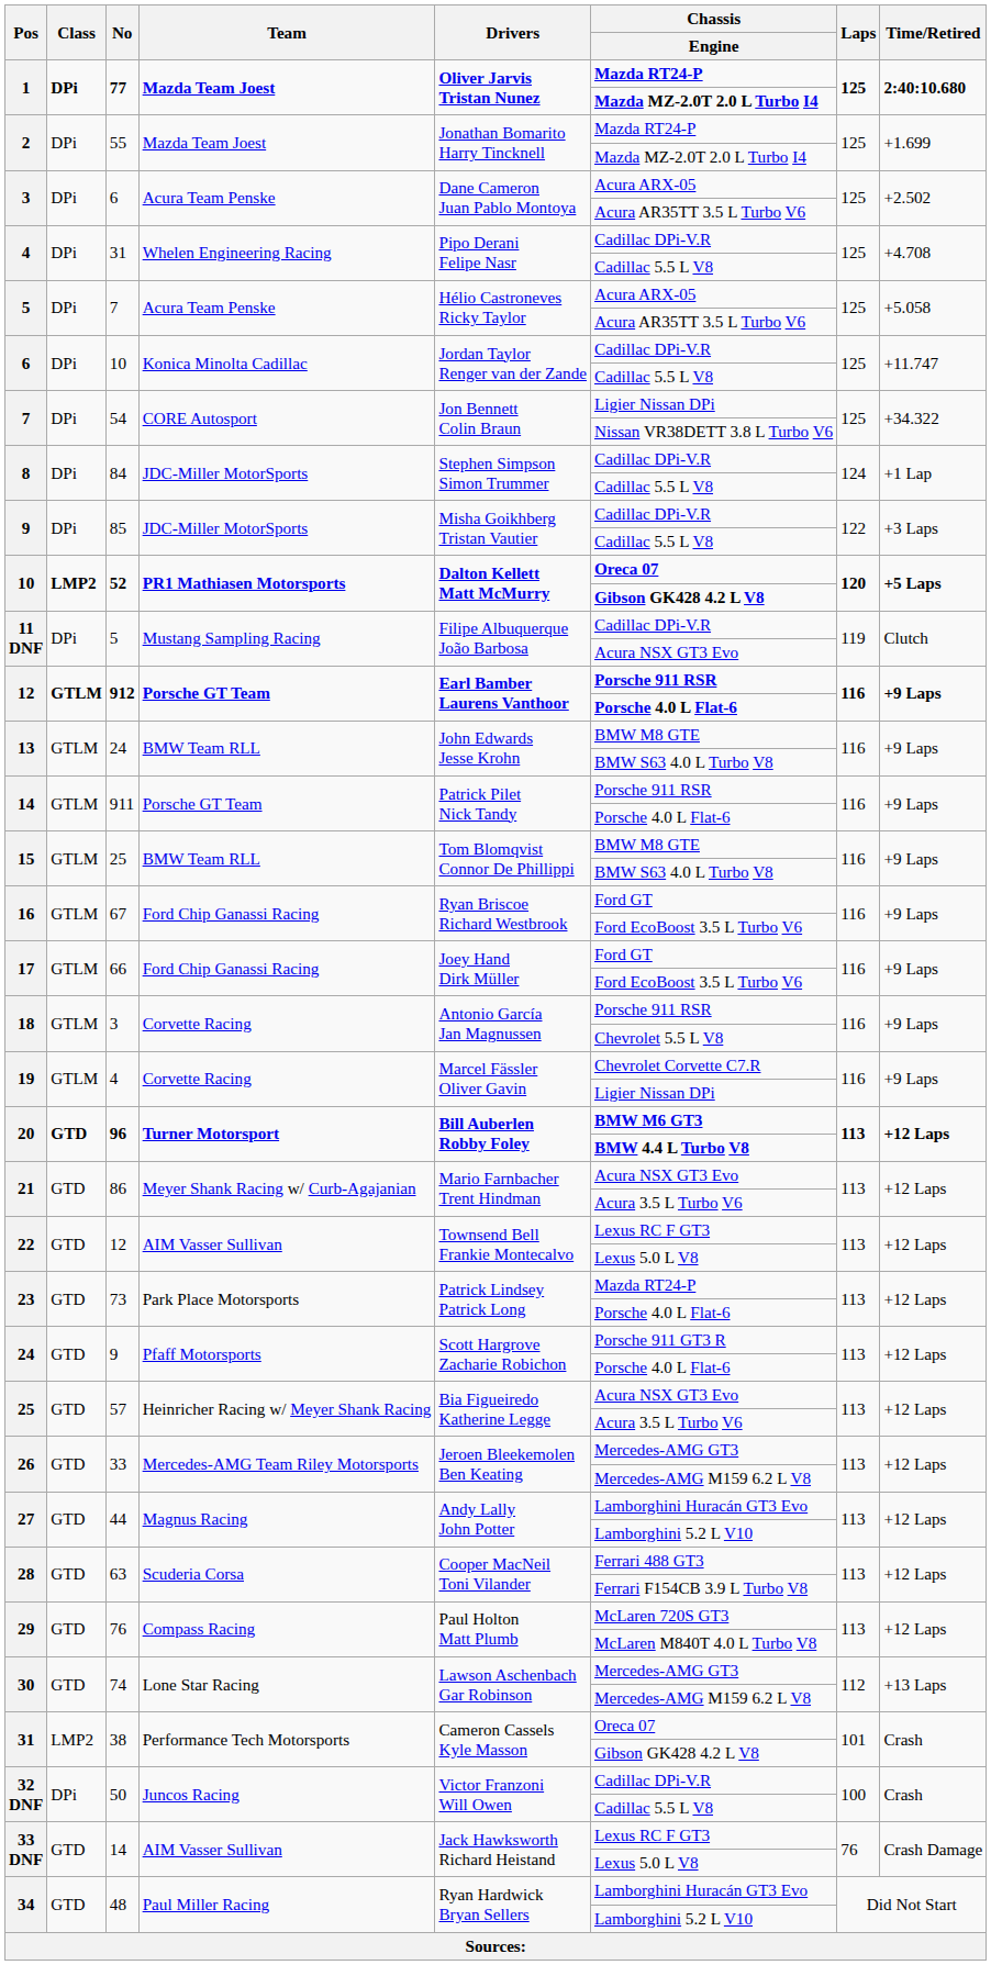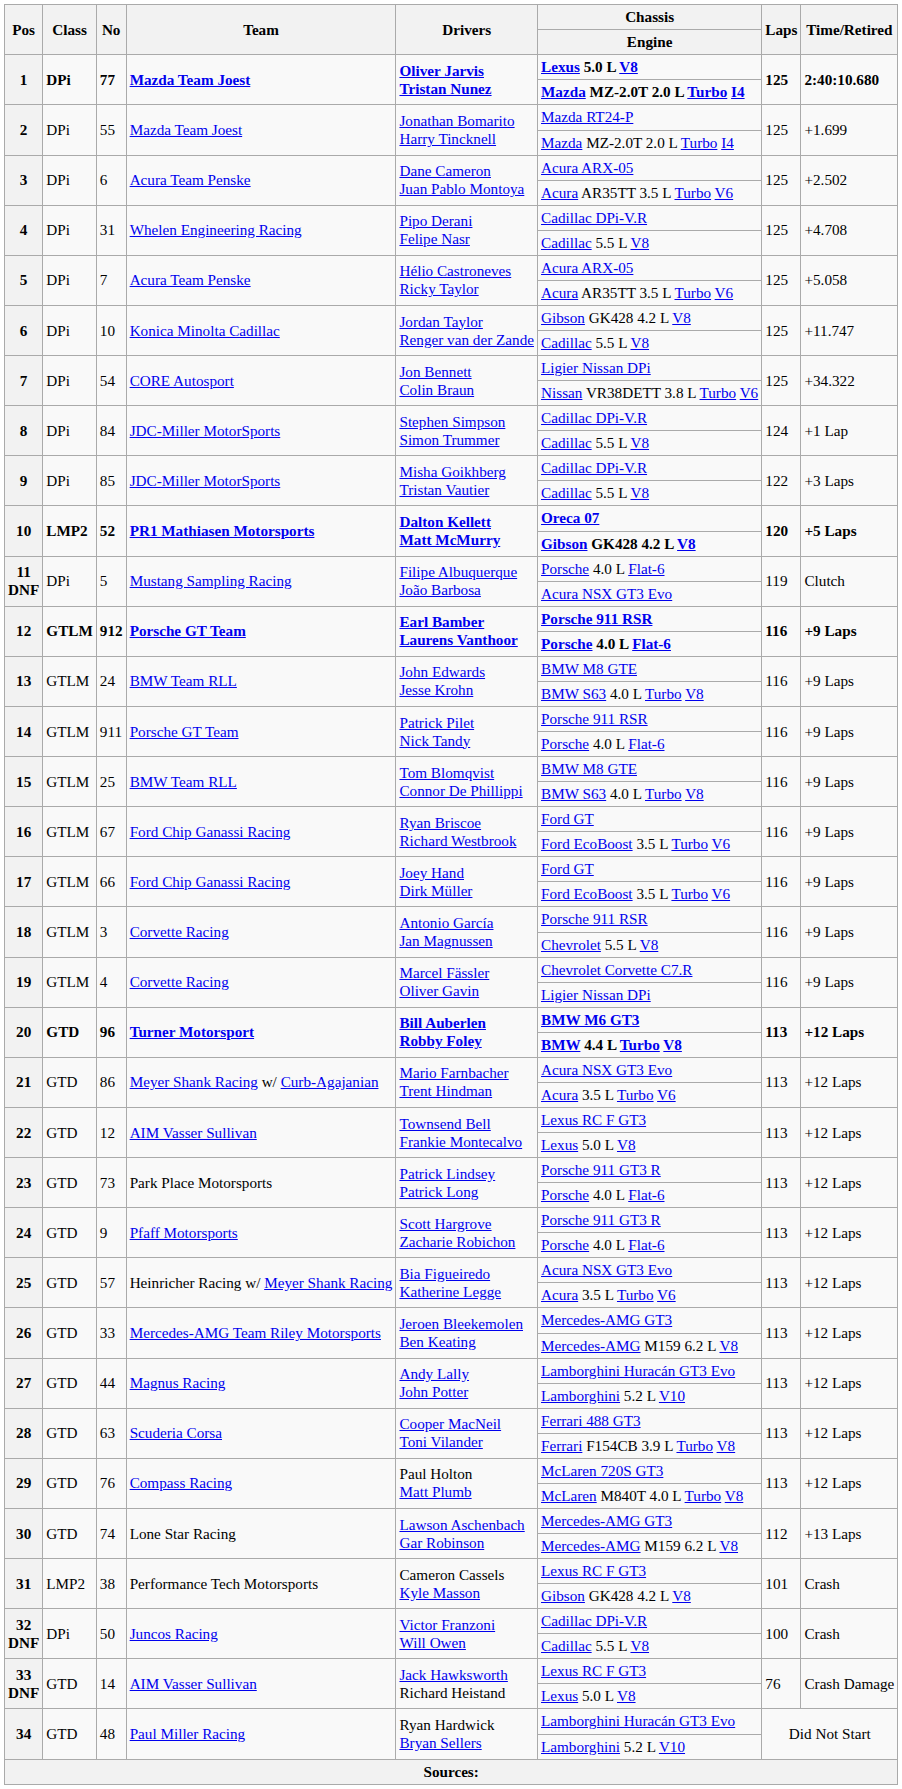 <table class="wikitable" style="font-size: 95%;">
 <tr>
 <th rowspan=2>Pos</th>
 <th rowspan=2>Class</th>
 <th rowspan=2>No</th>
 <th rowspan=2>Team</th>
 <th rowspan=2>Drivers</th>
 <th>Chassis</th>
 <th rowspan=2>Laps</th>
 <th rowspan=2>Time/Retired</th>
 </tr>
 <tr>
 <th>Engine</th>
 </tr>
 <tr style="font-weight:bold">
 <th rowspan=2>1</th>
 <td rowspan=2>DPi</td>
 <td rowspan=2>77</td>
 <td rowspan=2> <a href='#'>Mazda Team Joest</a></td>
 <td rowspan=2> <a href='#'>Oliver Jarvis</a><br> <a href='#'>Tristan Nunez</a></td>
-<td><a href='#'>Mazda RT24-P</a></td>
+<td><a href='#'>Lexus</a> 5.0 L <a href='#'>V8</a></td>
 <td rowspan=2>125</td>
 <td rowspan=2>2:40:10.680</td>
 </tr>
 <tr style="font-weight:bold">
 <td><a href='#'>Mazda</a> MZ-2.0T 2.0 L <a href='#'>Turbo</a> <a href='#'>I4</a></td>
 </tr>
 <tr>
 <th rowspan=2>2</th>
 <td rowspan=2>DPi</td>
 <td rowspan=2>55</td>
 <td rowspan=2> <a href='#'>Mazda Team Joest</a></td>
 <td rowspan=2> <a href='#'>Jonathan Bomarito</a><br> <a href='#'>Harry Tincknell</a></td>
 <td><a href='#'>Mazda RT24-P</a></td>
 <td rowspan=2>125</td>
 <td rowspan=2>+1.699</td>
 </tr>
 <tr>
 <td><a href='#'>Mazda</a> MZ-2.0T 2.0 L <a href='#'>Turbo</a> <a href='#'>I4</a></td>
 </tr>
 <tr>
 <th rowspan=2>3</th>
 <td rowspan=2>DPi</td>
 <td rowspan=2>6</td>
 <td rowspan=2> <a href='#'>Acura Team Penske</a></td>
 <td rowspan=2> <a href='#'>Dane Cameron</a><br> <a href='#'>Juan Pablo Montoya</a></td>
 <td><a href='#'>Acura ARX-05</a></td>
 <td rowspan=2>125</td>
 <td rowspan=2>+2.502</td>
 </tr>
 <tr>
 <td><a href='#'>Acura</a> AR35TT 3.5 L <a href='#'>Turbo</a> <a href='#'>V6</a></td>
 </tr>
 <tr>
 <th rowspan=2>4</th>
 <td rowspan=2>DPi</td>
 <td rowspan=2>31</td>
 <td rowspan=2> <a href='#'>Whelen Engineering Racing</a></td>
 <td rowspan=2> <a href='#'>Pipo Derani</a><br> <a href='#'>Felipe Nasr</a></td>
 <td><a href='#'>Cadillac DPi-V.R</a></td>
 <td rowspan=2>125</td>
 <td rowspan=2>+4.708</td>
 </tr>
 <tr>
 <td><a href='#'>Cadillac</a> 5.5 L <a href='#'>V8</a></td>
 </tr>
 <tr>
 <th rowspan=2>5</th>
 <td rowspan=2>DPi</td>
 <td rowspan=2>7</td>
 <td rowspan=2> <a href='#'>Acura Team Penske</a></td>
 <td rowspan=2> <a href='#'>Hélio Castroneves</a><br> <a href='#'>Ricky Taylor</a></td>
 <td><a href='#'>Acura ARX-05</a></td>
 <td rowspan=2>125</td>
 <td rowspan=2>+5.058</td>
 </tr>
 <tr>
 <td><a href='#'>Acura</a> AR35TT 3.5 L <a href='#'>Turbo</a> <a href='#'>V6</a></td>
 </tr>
 <tr>
 <th rowspan=2>6</th>
 <td rowspan=2>DPi</td>
 <td rowspan=2>10</td>
 <td rowspan=2> <a href='#'>Konica Minolta Cadillac</a></td>
 <td rowspan=2> <a href='#'>Jordan Taylor</a><br> <a href='#'>Renger van der Zande</a></td>
-<td><a href='#'>Cadillac DPi-V.R</a></td>
+<td><a href='#'>Gibson</a> GK428 4.2 L <a href='#'>V8</a></td>
 <td rowspan=2>125</td>
 <td rowspan=2>+11.747</td>
 </tr>
 <tr>
 <td><a href='#'>Cadillac</a> 5.5 L <a href='#'>V8</a></td>
 </tr>
 <tr>
 <th rowspan=2>7</th>
 <td rowspan=2>DPi</td>
 <td rowspan=2>54</td>
 <td rowspan=2> <a href='#'>CORE Autosport</a></td>
 <td rowspan=2> <a href='#'>Jon Bennett</a><br> <a href='#'>Colin Braun</a></td>
 <td><a href='#'>Ligier Nissan DPi</a></td>
 <td rowspan=2>125</td>
 <td rowspan=2>+34.322</td>
 </tr>
 <tr>
 <td><a href='#'>Nissan</a> VR38DETT 3.8 L <a href='#'>Turbo</a> <a href='#'>V6</a></td>
 </tr>
 <tr>
 <th rowspan=2>8</th>
 <td rowspan=2>DPi</td>
 <td rowspan=2>84</td>
 <td rowspan=2> <a href='#'>JDC-Miller MotorSports</a></td>
 <td rowspan=2> <a href='#'>Stephen Simpson</a><br> <a href='#'>Simon Trummer</a></td>
 <td><a href='#'>Cadillac DPi-V.R</a></td>
 <td rowspan=2>124</td>
 <td rowspan=2>+1 Lap</td>
 </tr>
 <tr>
 <td><a href='#'>Cadillac</a> 5.5 L <a href='#'>V8</a></td>
 </tr>
 <tr>
 <th rowspan=2>9</th>
 <td rowspan=2>DPi</td>
 <td rowspan=2>85</td>
 <td rowspan=2> <a href='#'>JDC-Miller MotorSports</a></td>
 <td rowspan=2> <a href='#'>Misha Goikhberg</a><br> <a href='#'>Tristan Vautier</a></td>
 <td><a href='#'>Cadillac DPi-V.R</a></td>
 <td rowspan=2>122</td>
 <td rowspan=2>+3 Laps</td>
 </tr>
 <tr>
 <td><a href='#'>Cadillac</a> 5.5 L <a href='#'>V8</a></td>
 </tr>
 <tr style="font-weight:bold">
 <th rowspan=2>10</th>
 <td rowspan=2>LMP2</td>
 <td rowspan=2>52</td>
 <td rowspan=2> <a href='#'>PR1 Mathiasen Motorsports</a></td>
 <td rowspan=2> <a href='#'>Dalton Kellett</a><br> <a href='#'>Matt McMurry</a></td>
 <td><a href='#'>Oreca 07</a></td>
 <td rowspan=2>120</td>
 <td rowspan=2>+5 Laps</td>
 </tr>
 <tr style="font-weight:bold">
 <td><a href='#'>Gibson</a> GK428 4.2 L <a href='#'>V8</a></td>
 </tr>
 <tr>
 <th rowspan=2>11<br>DNF</th>
 <td rowspan=2>DPi</td>
 <td rowspan=2>5</td>
 <td rowspan=2> <a href='#'>Mustang Sampling Racing</a></td>
 <td rowspan=2> <a href='#'>Filipe Albuquerque</a><br> <a href='#'>João Barbosa</a></td>
-<td><a href='#'>Cadillac DPi-V.R</a></td>
+<td><a href='#'>Porsche</a> 4.0 L <a href='#'>Flat-6</a></td>
 <td rowspan=2>119</td>
 <td rowspan=2>Clutch</td>
 </tr>
 <tr>
 <td><a href='#'>Acura NSX GT3 Evo</a></td>
 </tr>
 <tr style="font-weight:bold">
 <th rowspan=2>12</th>
 <td rowspan=2>GTLM</td>
 <td rowspan=2>912</td>
 <td rowspan=2> <a href='#'>Porsche GT Team</a></td>
 <td rowspan=2> <a href='#'>Earl Bamber</a><br> <a href='#'>Laurens Vanthoor</a></td>
 <td><a href='#'>Porsche 911 RSR</a></td>
 <td rowspan=2>116</td>
 <td rowspan=2>+9 Laps</td>
 </tr>
 <tr style="font-weight:bold">
 <td><a href='#'>Porsche</a> 4.0 L <a href='#'>Flat-6</a></td>
 </tr>
 <tr>
 <th rowspan=2>13</th>
 <td rowspan=2>GTLM</td>
 <td rowspan=2>24</td>
 <td rowspan=2> <a href='#'>BMW Team RLL</a></td>
 <td rowspan=2> <a href='#'>John Edwards</a><br> <a href='#'>Jesse Krohn</a></td>
 <td><a href='#'>BMW M8 GTE</a></td>
 <td rowspan=2>116</td>
 <td rowspan=2>+9 Laps</td>
 </tr>
 <tr>
 <td><a href='#'>BMW S63</a> 4.0 L <a href='#'>Turbo</a> <a href='#'>V8</a></td>
 </tr>
 <tr>
 <th rowspan=2>14</th>
 <td rowspan=2>GTLM</td>
 <td rowspan=2>911</td>
 <td rowspan=2> <a href='#'>Porsche GT Team</a></td>
 <td rowspan=2> <a href='#'>Patrick Pilet</a><br> <a href='#'>Nick Tandy</a></td>
 <td><a href='#'>Porsche 911 RSR</a></td>
 <td rowspan=2>116</td>
 <td rowspan=2>+9 Laps</td>
 </tr>
 <tr>
 <td><a href='#'>Porsche</a> 4.0 L <a href='#'>Flat-6</a></td>
 </tr>
 <tr>
 <th rowspan=2>15</th>
 <td rowspan=2>GTLM</td>
 <td rowspan=2>25</td>
 <td rowspan=2> <a href='#'>BMW Team RLL</a></td>
 <td rowspan=2> <a href='#'>Tom Blomqvist</a><br> <a href='#'>Connor De Phillippi</a></td>
 <td><a href='#'>BMW M8 GTE</a></td>
 <td rowspan=2>116</td>
 <td rowspan=2>+9 Laps</td>
 </tr>
 <tr>
 <td><a href='#'>BMW S63</a> 4.0 L <a href='#'>Turbo</a> <a href='#'>V8</a></td>
 </tr>
 <tr>
 <th rowspan=2>16</th>
 <td rowspan=2>GTLM</td>
 <td rowspan=2>67</td>
 <td rowspan=2> <a href='#'>Ford Chip Ganassi Racing</a></td>
 <td rowspan=2> <a href='#'>Ryan Briscoe</a><br> <a href='#'>Richard Westbrook</a></td>
 <td><a href='#'>Ford GT</a></td>
 <td rowspan=2>116</td>
 <td rowspan=2>+9 Laps</td>
 </tr>
 <tr>
 <td><a href='#'>Ford EcoBoost</a> 3.5 L <a href='#'>Turbo</a> <a href='#'>V6</a></td>
 </tr>
 <tr>
 <th rowspan=2>17</th>
 <td rowspan=2>GTLM</td>
 <td rowspan=2>66</td>
 <td rowspan=2> <a href='#'>Ford Chip Ganassi Racing</a></td>
 <td rowspan=2> <a href='#'>Joey Hand</a><br> <a href='#'>Dirk Müller</a></td>
 <td><a href='#'>Ford GT</a></td>
 <td rowspan=2>116</td>
 <td rowspan=2>+9 Laps</td>
 </tr>
 <tr>
 <td><a href='#'>Ford EcoBoost</a> 3.5 L <a href='#'>Turbo</a> <a href='#'>V6</a></td>
 </tr>
 <tr>
 <th rowspan=2>18</th>
 <td rowspan=2>GTLM</td>
 <td rowspan=2>3</td>
 <td rowspan=2> <a href='#'>Corvette Racing</a></td>
 <td rowspan=2> <a href='#'>Antonio García</a><br> <a href='#'>Jan Magnussen</a></td>
 <td><a href='#'>Porsche 911 RSR</a></td>
 <td rowspan=2>116</td>
 <td rowspan=2>+9 Laps</td>
 </tr>
 <tr>
 <td><a href='#'>Chevrolet</a> 5.5 L <a href='#'>V8</a></td>
 </tr>
 <tr>
 <th rowspan=2>19</th>
 <td rowspan=2>GTLM</td>
 <td rowspan=2>4</td>
 <td rowspan=2> <a href='#'>Corvette Racing</a></td>
 <td rowspan=2> <a href='#'>Marcel Fässler</a><br> <a href='#'>Oliver Gavin</a></td>
 <td><a href='#'>Chevrolet Corvette C7.R</a></td>
 <td rowspan=2>116</td>
 <td rowspan=2>+9 Laps</td>
 </tr>
 <tr>
 <td><a href='#'>Ligier Nissan DPi</a></td>
 </tr>
 <tr style="font-weight:bold">
 <th rowspan=2>20</th>
 <td rowspan=2>GTD</td>
 <td rowspan=2>96</td>
 <td rowspan=2> <a href='#'>Turner Motorsport</a></td>
 <td rowspan=2> <a href='#'>Bill Auberlen</a><br> <a href='#'>Robby Foley</a></td>
 <td><a href='#'>BMW M6 GT3</a></td>
 <td rowspan=2>113</td>
 <td rowspan=2>+12 Laps</td>
 </tr>
 <tr style="font-weight:bold">
 <td><a href='#'>BMW</a> 4.4 L <a href='#'>Turbo</a> <a href='#'>V8</a></td>
 </tr>
 <tr>
 <th rowspan=2>21</th>
 <td rowspan=2>GTD</td>
 <td rowspan=2>86</td>
 <td rowspan=2> <a href='#'>Meyer Shank Racing</a> w/ <a href='#'>Curb-Agajanian</a></td>
 <td rowspan=2> <a href='#'>Mario Farnbacher</a><br> <a href='#'>Trent Hindman</a></td>
 <td><a href='#'>Acura NSX GT3 Evo</a></td>
 <td rowspan=2>113</td>
 <td rowspan=2>+12 Laps</td>
 </tr>
 <tr>
 <td><a href='#'>Acura</a> 3.5 L <a href='#'>Turbo</a> <a href='#'>V6</a></td>
 </tr>
 <tr>
 <th rowspan=2>22</th>
 <td rowspan=2>GTD</td>
 <td rowspan=2>12</td>
 <td rowspan=2> <a href='#'>AIM Vasser Sullivan</a></td>
 <td rowspan=2> <a href='#'>Townsend Bell</a><br> <a href='#'>Frankie Montecalvo</a></td>
 <td><a href='#'>Lexus RC F GT3</a></td>
 <td rowspan=2>113</td>
 <td rowspan=2>+12 Laps</td>
 </tr>
 <tr>
 <td><a href='#'>Lexus</a> 5.0 L <a href='#'>V8</a></td>
 </tr>
 <tr>
 <th rowspan=2>23</th>
 <td rowspan=2>GTD</td>
 <td rowspan=2>73</td>
 <td rowspan=2> Park Place Motorsports</td>
 <td rowspan=2> <a href='#'>Patrick Lindsey</a><br> <a href='#'>Patrick Long</a></td>
-<td><a href='#'>Mazda RT24-P</a></td>
+<td><a href='#'>Porsche 911 GT3 R</a></td>
 <td rowspan=2>113</td>
 <td rowspan=2>+12 Laps</td>
 </tr>
 <tr>
 <td><a href='#'>Porsche</a> 4.0 L <a href='#'>Flat-6</a></td>
 </tr>
 <tr>
 <th rowspan=2>24</th>
 <td rowspan=2>GTD</td>
 <td rowspan=2>9</td>
 <td rowspan=2> <a href='#'>Pfaff Motorsports</a></td>
 <td rowspan=2> <a href='#'>Scott Hargrove</a><br> <a href='#'>Zacharie Robichon</a></td>
 <td><a href='#'>Porsche 911 GT3 R</a></td>
 <td rowspan=2>113</td>
 <td rowspan=2>+12 Laps</td>
 </tr>
 <tr>
 <td><a href='#'>Porsche</a> 4.0 L <a href='#'>Flat-6</a></td>
 </tr>
 <tr>
 <th rowspan=2>25</th>
 <td rowspan=2>GTD</td>
 <td rowspan=2>57</td>
 <td rowspan=2> Heinricher Racing w/ <a href='#'>Meyer Shank Racing</a></td>
 <td rowspan=2> <a href='#'>Bia Figueiredo</a><br> <a href='#'>Katherine Legge</a></td>
 <td><a href='#'>Acura NSX GT3 Evo</a></td>
 <td rowspan=2>113</td>
 <td rowspan=2>+12 Laps</td>
 </tr>
 <tr>
 <td><a href='#'>Acura</a> 3.5 L <a href='#'>Turbo</a> <a href='#'>V6</a></td>
 </tr>
 <tr>
 <th rowspan=2>26</th>
 <td rowspan=2>GTD</td>
 <td rowspan=2>33</td>
 <td rowspan=2> <a href='#'>Mercedes-AMG Team Riley Motorsports</a></td>
 <td rowspan=2> <a href='#'>Jeroen Bleekemolen</a><br> <a href='#'>Ben Keating</a></td>
 <td><a href='#'>Mercedes-AMG GT3</a></td>
 <td rowspan=2>113</td>
 <td rowspan=2>+12 Laps</td>
 </tr>
 <tr>
 <td><a href='#'>Mercedes-AMG</a> M159 6.2 L <a href='#'>V8</a></td>
 </tr>
 <tr>
 <th rowspan=2>27</th>
 <td rowspan=2>GTD</td>
 <td rowspan=2>44</td>
 <td rowspan=2> <a href='#'>Magnus Racing</a></td>
 <td rowspan=2> <a href='#'>Andy Lally</a><br> <a href='#'>John Potter</a></td>
 <td><a href='#'>Lamborghini Huracán GT3 Evo</a></td>
 <td rowspan=2>113</td>
 <td rowspan=2>+12 Laps</td>
 </tr>
 <tr>
 <td><a href='#'>Lamborghini</a> 5.2 L <a href='#'>V10</a></td>
 </tr>
 <tr>
 <th rowspan=2>28</th>
 <td rowspan=2>GTD</td>
 <td rowspan=2>63</td>
 <td rowspan=2> <a href='#'>Scuderia Corsa</a></td>
 <td rowspan=2> <a href='#'>Cooper MacNeil</a><br> <a href='#'>Toni Vilander</a></td>
 <td><a href='#'>Ferrari 488 GT3</a></td>
 <td rowspan=2>113</td>
 <td rowspan=2>+12 Laps</td>
 </tr>
 <tr>
 <td><a href='#'>Ferrari</a> F154CB 3.9 L <a href='#'>Turbo</a> <a href='#'>V8</a></td>
 </tr>
 <tr>
 <th rowspan=2>29</th>
 <td rowspan=2>GTD</td>
 <td rowspan=2>76</td>
 <td rowspan=2> <a href='#'>Compass Racing</a></td>
 <td rowspan=2> Paul Holton<br> <a href='#'>Matt Plumb</a></td>
 <td><a href='#'>McLaren 720S GT3</a></td>
 <td rowspan=2>113</td>
 <td rowspan=2>+12 Laps</td>
 </tr>
 <tr>
 <td><a href='#'>McLaren</a> M840T 4.0 L <a href='#'>Turbo</a> <a href='#'>V8</a></td>
 </tr>
 <tr>
 <th rowspan=2>30</th>
 <td rowspan=2>GTD</td>
 <td rowspan=2>74</td>
 <td rowspan=2> Lone Star Racing</td>
 <td rowspan=2> <a href='#'>Lawson Aschenbach</a><br> <a href='#'>Gar Robinson</a></td>
 <td><a href='#'>Mercedes-AMG GT3</a></td>
 <td rowspan=2>112</td>
 <td rowspan=2>+13 Laps</td>
 </tr>
 <tr>
 <td><a href='#'>Mercedes-AMG</a> M159 6.2 L <a href='#'>V8</a></td>
 </tr>
 <tr>
 <th rowspan=2>31</th>
 <td rowspan=2>LMP2</td>
 <td rowspan=2>38</td>
 <td rowspan=2> Performance Tech Motorsports</td>
 <td rowspan=2> Cameron Cassels<br> <a href='#'>Kyle Masson</a></td>
-<td><a href='#'>Oreca 07</a></td>
+<td><a href='#'>Lexus RC F GT3</a></td>
 <td rowspan=2>101</td>
 <td rowspan=2>Crash</td>
 </tr>
 <tr>
 <td><a href='#'>Gibson</a> GK428 4.2 L <a href='#'>V8</a></td>
 </tr>
 <tr>
 <th rowspan=2>32<br>DNF</th>
 <td rowspan=2>DPi</td>
 <td rowspan=2>50</td>
 <td rowspan=2> <a href='#'>Juncos Racing</a></td>
 <td rowspan=2> <a href='#'>Victor Franzoni</a><br> <a href='#'>Will Owen</a></td>
 <td><a href='#'>Cadillac DPi-V.R</a></td>
 <td rowspan=2>100</td>
 <td rowspan=2>Crash</td>
 </tr>
 <tr>
 <td><a href='#'>Cadillac</a> 5.5 L <a href='#'>V8</a></td>
 </tr>
 <tr>
 <th rowspan=2>33<br>DNF</th>
 <td rowspan=2>GTD</td>
 <td rowspan=2>14</td>
 <td rowspan=2> <a href='#'>AIM Vasser Sullivan</a></td>
 <td rowspan=2> <a href='#'>Jack Hawksworth</a><br> Richard Heistand</td>
 <td><a href='#'>Lexus RC F GT3</a></td>
 <td rowspan=2>76</td>
 <td rowspan=2>Crash Damage</td>
 </tr>
 <tr>
 <td><a href='#'>Lexus</a> 5.0 L <a href='#'>V8</a></td>
 </tr>
 <tr>
 <th rowspan=2>34</th>
 <td rowspan=2>GTD</td>
 <td rowspan=2>48</td>
 <td rowspan=2> <a href='#'>Paul Miller Racing</a></td>
 <td rowspan=2> Ryan Hardwick<br> <a href='#'>Bryan Sellers</a></td>
 <td><a href='#'>Lamborghini Huracán GT3 Evo</a></td>
 <td rowspan=2 colspan=2 align=center>Did Not Start</td>
 </tr>
 <tr>
 <td><a href='#'>Lamborghini</a> 5.2 L <a href='#'>V10</a></td>
 </tr>
 <tr>
 <th colspan=8 align=center>Sources:</th>
 </tr>
 <tr>
 </tr>
 </table>
